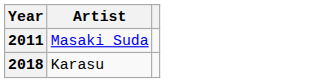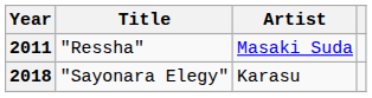 <table class="wikitable plainrowheaders sortable">
 <tr>
 <th scope="col">Year</th>
+<th scope="col">Title</th>
 <th scope="col">Artist</th>
 <th scope="col" class="unsortable"></th>
 </tr>
 <tr>
 <th scope="row">2011</th>
+<td>"Ressha"</td>
 <td><a href='#'>Masaki Suda</a></td>
 <td style="text-align:center"></td>
 </tr>
 <tr>
 <th scope ="row">2018</th>
+<td>"Sayonara Elegy"</td>
 <td>Karasu</td>
 <td style="text-align:center"></td>
 </tr>
 </table>
